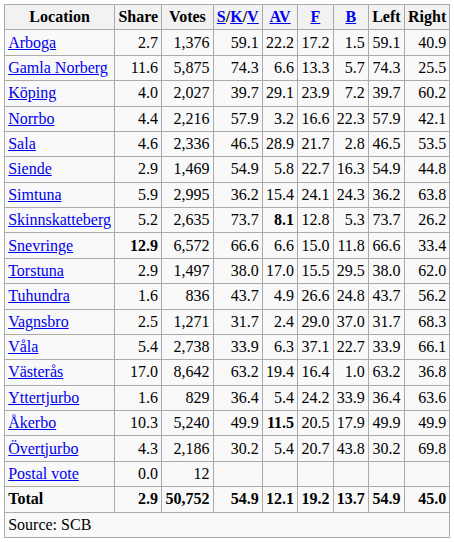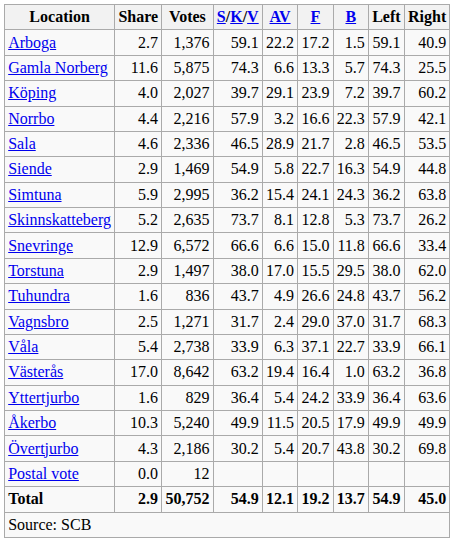 <table class="wikitable sortable" style=text-align:right>
 <tr>
 <th>Location</th>
 <th>Share</th>
 <th>Votes</th>
 <th><a href='#'>S</a>/<a href='#'>K</a>/<a href='#'>V</a></th>
 <th><a href='#'>AV</a></th>
 <th><a href='#'>F</a></th>
 <th><a href='#'>B</a></th>
 <th>Left</th>
 <th>Right</th>
 </tr>
 <tr>
 <td align=left><a href='#'>Arboga</a></td>
 <td>2.7</td>
 <td>1,376</td>
 <td>59.1</td>
 <td>22.2</td>
 <td>17.2</td>
 <td>1.5</td>
 <td>59.1</td>
 <td>40.9</td>
 </tr>
 <tr>
 <td align=left><a href='#'>Gamla Norberg</a></td>
 <td>11.6</td>
 <td>5,875</td>
 <td>74.3</td>
 <td>6.6</td>
 <td>13.3</td>
 <td>5.7</td>
 <td>74.3</td>
 <td>25.5</td>
 </tr>
 <tr>
 <td align=left><a href='#'>Köping</a></td>
 <td>4.0</td>
 <td>2,027</td>
 <td>39.7</td>
 <td>29.1</td>
 <td>23.9</td>
 <td>7.2</td>
 <td>39.7</td>
 <td>60.2</td>
 </tr>
 <tr>
 <td align=left><a href='#'>Norrbo</a></td>
 <td>4.4</td>
 <td>2,216</td>
 <td>57.9</td>
 <td>3.2</td>
 <td>16.6</td>
 <td>22.3</td>
 <td>57.9</td>
 <td>42.1</td>
 </tr>
 <tr>
 <td align=left><a href='#'>Sala</a></td>
 <td>4.6</td>
 <td>2,336</td>
 <td>46.5</td>
 <td>28.9</td>
 <td>21.7</td>
 <td>2.8</td>
 <td>46.5</td>
 <td>53.5</td>
 </tr>
 <tr>
 <td align=left><a href='#'>Siende</a></td>
 <td>2.9</td>
 <td>1,469</td>
 <td>54.9</td>
 <td>5.8</td>
 <td>22.7</td>
 <td>16.3</td>
 <td>54.9</td>
 <td>44.8</td>
 </tr>
 <tr>
 <td align=left><a href='#'>Simtuna</a></td>
 <td>5.9</td>
 <td>2,995</td>
 <td>36.2</td>
 <td>15.4</td>
 <td>24.1</td>
 <td>24.3</td>
 <td>36.2</td>
 <td>63.8</td>
 </tr>
 <tr>
 <td align=left><a href='#'>Skinnskatteberg</a></td>
 <td>5.2</td>
 <td>2,635</td>
 <td>73.7</td>
-<td><strong>8.1</strong></td>
+<td>8.1</td>
 <td>12.8</td>
 <td>5.3</td>
 <td>73.7</td>
 <td>26.2</td>
 </tr>
 <tr>
 <td align=left><a href='#'>Snevringe</a></td>
-<td><strong>12.9</strong></td>
+<td>12.9</td>
 <td>6,572</td>
 <td>66.6</td>
 <td>6.6</td>
 <td>15.0</td>
 <td>11.8</td>
 <td>66.6</td>
 <td>33.4</td>
 </tr>
 <tr>
 <td align=left><a href='#'>Torstuna</a></td>
 <td>2.9</td>
 <td>1,497</td>
 <td>38.0</td>
 <td>17.0</td>
 <td>15.5</td>
 <td>29.5</td>
 <td>38.0</td>
 <td>62.0</td>
 </tr>
 <tr>
 <td align=left><a href='#'>Tuhundra</a></td>
 <td>1.6</td>
 <td>836</td>
 <td>43.7</td>
 <td>4.9</td>
 <td>26.6</td>
 <td>24.8</td>
 <td>43.7</td>
 <td>56.2</td>
 </tr>
 <tr>
 <td align=left><a href='#'>Vagnsbro</a></td>
 <td>2.5</td>
 <td>1,271</td>
 <td>31.7</td>
 <td>2.4</td>
 <td>29.0</td>
 <td>37.0</td>
 <td>31.7</td>
 <td>68.3</td>
 </tr>
 <tr>
 <td align=left><a href='#'>Våla</a></td>
 <td>5.4</td>
 <td>2,738</td>
 <td>33.9</td>
 <td>6.3</td>
 <td>37.1</td>
 <td>22.7</td>
 <td>33.9</td>
 <td>66.1</td>
 </tr>
 <tr>
 <td align=left><a href='#'>Västerås</a></td>
 <td>17.0</td>
 <td>8,642</td>
 <td>63.2</td>
 <td>19.4</td>
 <td>16.4</td>
 <td>1.0</td>
 <td>63.2</td>
 <td>36.8</td>
 </tr>
 <tr>
 <td align=left><a href='#'>Yttertjurbo</a></td>
 <td>1.6</td>
 <td>829</td>
 <td>36.4</td>
 <td>5.4</td>
 <td>24.2</td>
 <td>33.9</td>
 <td>36.4</td>
 <td>63.6</td>
 </tr>
 <tr>
 <td align=left><a href='#'>Åkerbo</a></td>
 <td>10.3</td>
 <td>5,240</td>
 <td>49.9</td>
-<td><strong>11.5</strong></td>
+<td>11.5</td>
 <td>20.5</td>
 <td>17.9</td>
 <td>49.9</td>
 <td>49.9</td>
 </tr>
 <tr>
 <td align=left><a href='#'>Övertjurbo</a></td>
 <td>4.3</td>
 <td>2,186</td>
 <td>30.2</td>
 <td>5.4</td>
 <td>20.7</td>
 <td>43.8</td>
 <td>30.2</td>
 <td>69.8</td>
 </tr>
 <tr>
 <td align=left><a href='#'>Postal vote</a></td>
 <td>0.0</td>
 <td>12</td>
 <td></td>
 <td></td>
 <td></td>
 <td></td>
 <td></td>
 <td></td>
 </tr>
 <tr>
 <td align=left><strong>Total</strong></td>
 <td><strong>2.9</strong></td>
 <td><strong>50,752</strong></td>
 <td><strong>54.9</strong></td>
 <td><strong>12.1</strong></td>
 <td><strong>19.2</strong></td>
 <td><strong>13.7</strong></td>
 <td><strong>54.9</strong></td>
 <td><strong>45.0</strong></td>
 </tr>
 <tr>
 <td align=left colspan=10>Source: SCB </td>
 </tr>
 </table>
